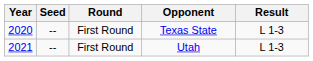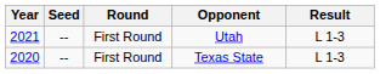 <table class="wikitable">
 <tr>
 <th style="width:40px; ">Year</th>
 <th style="width:40px; ">Seed</th>
 <th style="width:100px; ">Round</th>
 <th style="width:130px; ">Opponent</th>
 <th style="width:100px; ">Result</th>
 </tr>
 <tr align="center">
+<td><a href='#'>2021</a></td>
+<td>--</td>
+<td>First Round</td>
+<td><a href='#'>Utah</a></td>
+<td>L 1-3</td>
+</tr>
+<tr align="center">
 <td><a href='#'>2020</a></td>
 <td>--</td>
 <td>First Round</td>
 <td><a href='#'>Texas State</a></td>
 <td>L 1-3</td>
 </tr>
-<tr align="center">
-<td><a href='#'>2021</a></td>
-<td>--</td>
-<td>First Round</td>
-<td><a href='#'>Utah</a></td>
-<td>L 1-3</td>
-</tr>
 </table>
